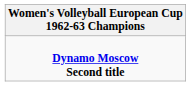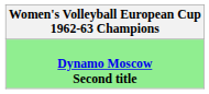 <table class=wikitable style="text-align:center; margin:auto">
 <tr>
 <th>Women's Volleyball European Cup<br> 1962-63 Champions</th>
 </tr>
 <tr>
-<td> <br>  <strong><a href='#'>Dynamo Moscow</a></strong> <br> <strong>Second title</strong></td>
+<td style="background: lightgreen;"> <br>  <strong><a href='#'>Dynamo Moscow</a></strong> <br> <strong>Second title</strong></td>
 </tr>
 </table>
